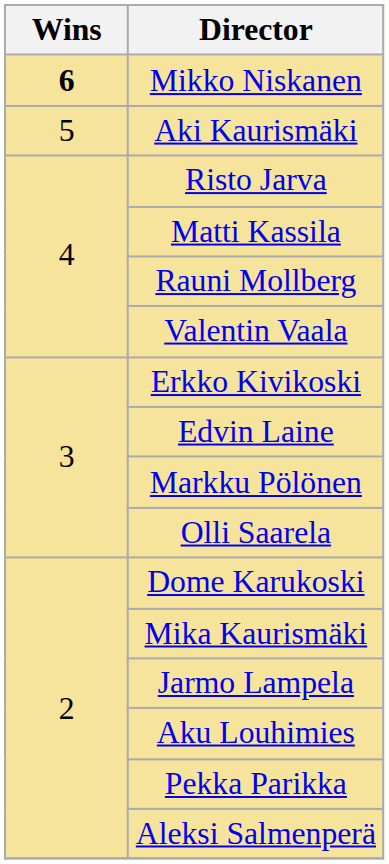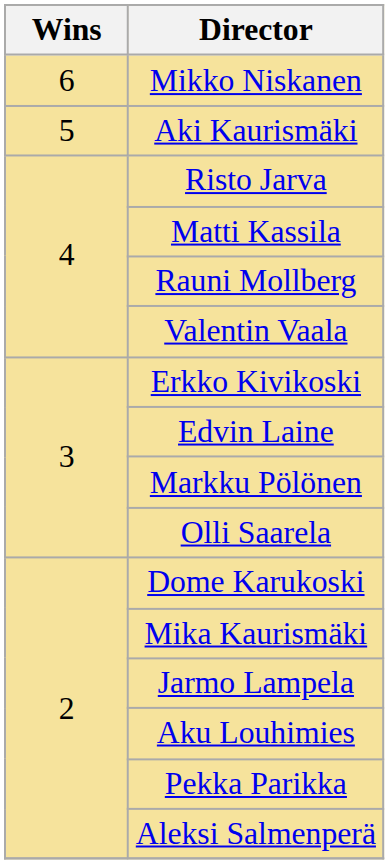 <table class="wikitable" style="text-align: center; background: #f6e39c;">
 <tr>
 <th scope="col" width="55">Wins</th>
 <th scope="col">Director</th>
 </tr>
 <tr>
-<td><strong>6</strong></td>
+<td>6</td>
 <td><a href='#'>Mikko Niskanen</a></td>
 </tr>
 <tr>
 <td>5</td>
 <td><a href='#'>Aki Kaurismäki</a></td>
 </tr>
 <tr>
 <td rowspan=4>4</td>
 <td><a href='#'>Risto Jarva</a></td>
 </tr>
 <tr>
 <td><a href='#'>Matti Kassila</a></td>
 </tr>
 <tr>
 <td><a href='#'>Rauni Mollberg</a></td>
 </tr>
 <tr>
 <td><a href='#'>Valentin Vaala</a></td>
 </tr>
 <tr>
 <td rowspan=4>3</td>
 <td><a href='#'>Erkko Kivikoski</a></td>
 </tr>
 <tr>
 <td><a href='#'>Edvin Laine</a></td>
 </tr>
 <tr>
 <td><a href='#'>Markku Pölönen</a></td>
 </tr>
 <tr>
 <td><a href='#'>Olli Saarela</a></td>
 </tr>
 <tr>
 <td rowspan=6>2</td>
 <td><a href='#'>Dome Karukoski</a></td>
 </tr>
 <tr>
 <td><a href='#'>Mika Kaurismäki</a></td>
 </tr>
 <tr>
 <td><a href='#'>Jarmo Lampela</a></td>
 </tr>
 <tr>
 <td><a href='#'>Aku Louhimies</a></td>
 </tr>
 <tr>
 <td><a href='#'>Pekka Parikka</a></td>
 </tr>
 <tr>
 <td><a href='#'>Aleksi Salmenperä</a></td>
 </tr>
 <tr>
 </tr>
 </table>
